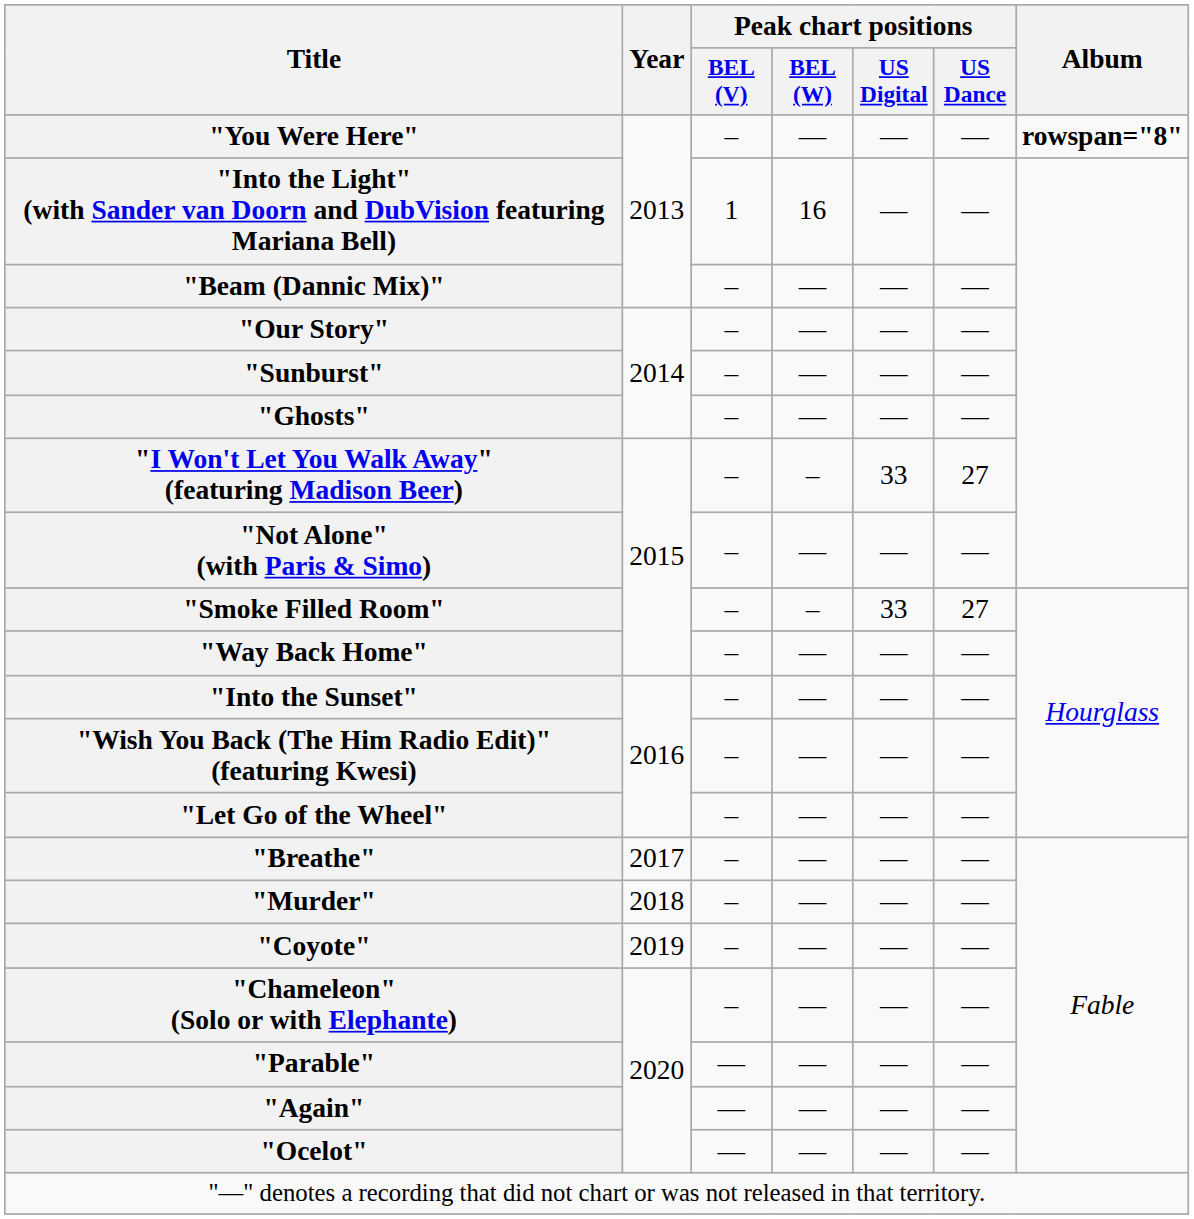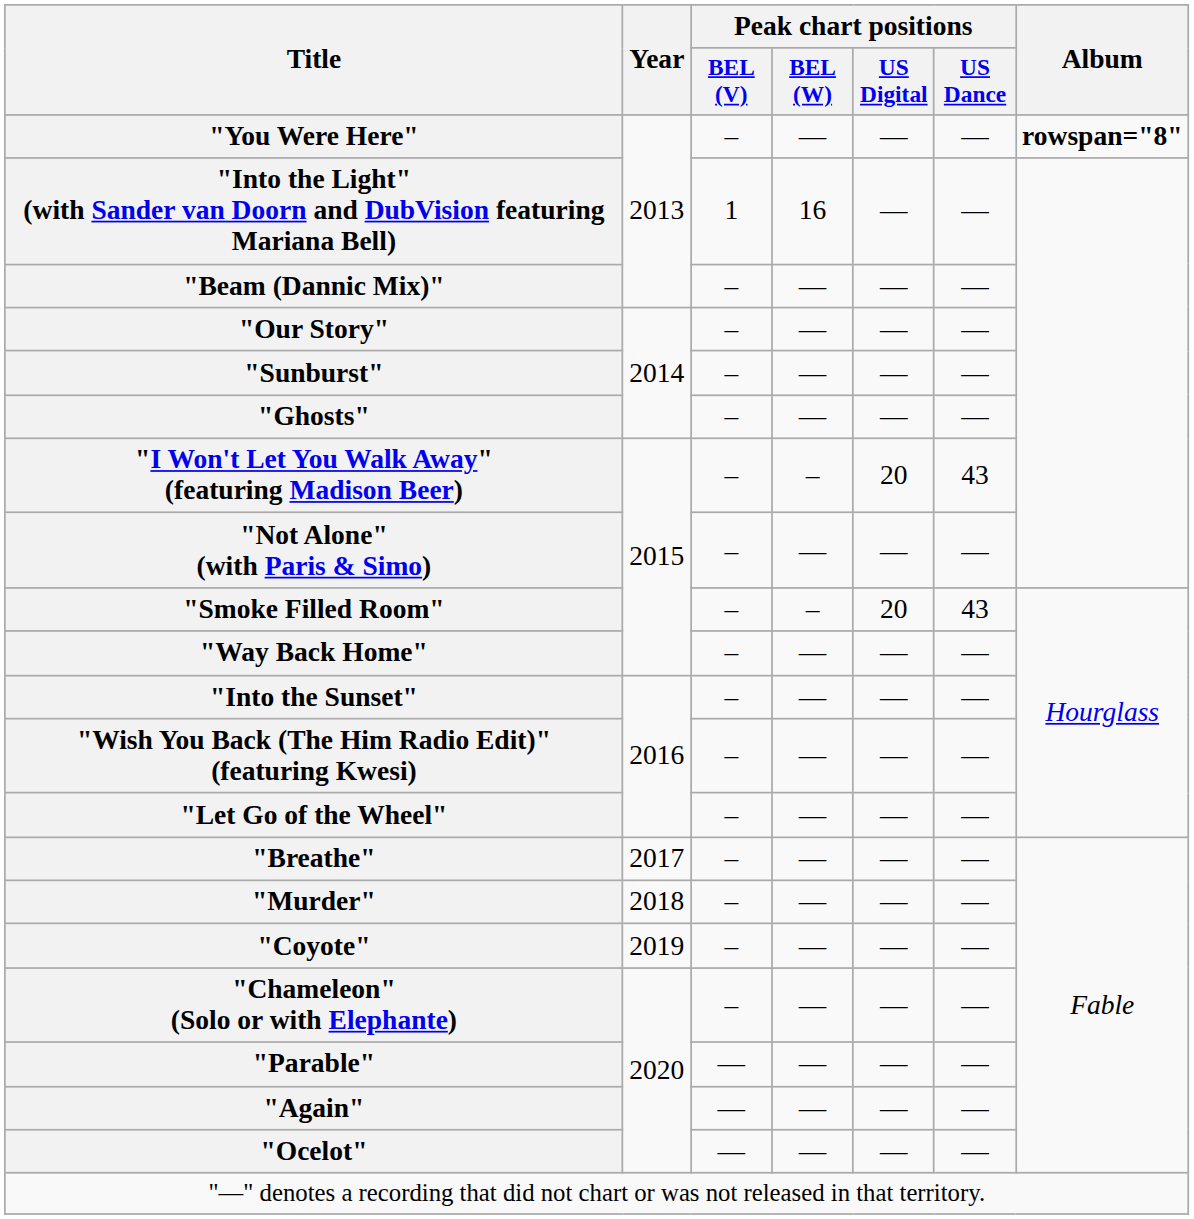 <table class="wikitable plainrowheaders" style="text-align:center;">
 <tr>
 <th scope="col" rowspan="2" style="width:22em;">Title</th>
 <th scope="col" rowspan="2" style="width:1em;">Year</th>
 <th scope="col" colspan="4">Peak chart positions</th>
 <th scope="col" rowspan="2">Album</th>
 </tr>
 <tr>
 <th scope="col" style="width:3em;font-size:85%;"><a href='#'>BEL<br>(V)</a><br></th>
 <th scope="col" style="width:3em;font-size:85%;"><a href='#'>BEL<br>(W)</a><br></th>
 <th scope="col" style="width:3em;font-size:85%;"><a href='#'>US<br>Digital</a><br></th>
 <th scope="col" style="width:3em;font-size:85%;"><a href='#'>US<br>Dance</a><br></th>
 </tr>
 <tr>
 <th scope="row">"You Were Here"</th>
 <td rowspan="3">2013</td>
 <td>–</td>
 <td>—</td>
 <td>—</td>
 <td>—</td>
 <td><strong>rowspan="8" </strong></td>
 </tr>
 <tr>
 <th scope="row">"Into the Light"<br><span>(with <a href='#'>Sander van Doorn</a> and <a href='#'>DubVision</a> featuring Mariana Bell)</span></th>
 <td>1</td>
 <td>16</td>
 <td>—</td>
 <td>—</td>
 </tr>
 <tr>
 <th scope="row">"Beam (Dannic Mix)"</th>
 <td>–</td>
 <td>—</td>
 <td>—</td>
 <td>—</td>
 </tr>
 <tr>
 <th scope="row">"Our Story"</th>
 <td rowspan="3">2014</td>
 <td>–</td>
 <td>—</td>
 <td>—</td>
 <td>—</td>
 </tr>
 <tr>
 <th scope="row">"Sunburst"</th>
 <td>–</td>
 <td>—</td>
 <td>—</td>
 <td>—</td>
 </tr>
 <tr>
 <th scope="row">"Ghosts"</th>
 <td>–</td>
 <td>—</td>
 <td>—</td>
 <td>—</td>
 </tr>
 <tr>
 <th scope="row">"<a href='#'>I Won't Let You Walk Away</a>"<br><span>(featuring <a href='#'>Madison Beer</a>)</span></th>
 <td rowspan="4">2015</td>
 <td>–</td>
 <td>–</td>
-<td>33</td>
-<td>27</td>
+<td>20</td>
+<td>43</td>
 </tr>
 <tr>
 <th scope="row">"Not Alone"<br><span>(with <a href='#'>Paris & Simo</a>)</span></th>
 <td>–</td>
 <td>—</td>
 <td>—</td>
 <td>—</td>
 </tr>
 <tr>
 <th scope="row">"Smoke Filled Room"</th>
 <td>–</td>
 <td>–</td>
-<td>33</td>
-<td>27</td>
+<td>20</td>
+<td>43</td>
 <td rowspan="5"><em><a href='#'>Hourglass</a></em></td>
 </tr>
 <tr>
 <th scope="row">"Way Back Home"</th>
 <td>–</td>
 <td>—</td>
 <td>—</td>
 <td>—</td>
 </tr>
 <tr>
 <th scope="row">"Into the Sunset"</th>
 <td rowspan="3">2016</td>
 <td>–</td>
 <td>—</td>
 <td>—</td>
 <td>—</td>
 </tr>
 <tr>
 <th scope="row">"Wish You Back (The Him Radio Edit)"<br><span>(featuring Kwesi)</span></th>
 <td>–</td>
 <td>—</td>
 <td>—</td>
 <td>—</td>
 </tr>
 <tr>
 <th scope="row">"Let Go of the Wheel"</th>
 <td>–</td>
 <td>—</td>
 <td>—</td>
 <td>—</td>
 </tr>
 <tr>
 <th scope="row">"Breathe"</th>
 <td>2017</td>
 <td>–</td>
 <td>—</td>
 <td>—</td>
 <td>—</td>
 <td rowspan="7"><em>Fable</em></td>
 </tr>
 <tr>
 <th scope="row">"Murder"</th>
 <td>2018</td>
 <td>–</td>
 <td>—</td>
 <td>—</td>
 <td>—</td>
 </tr>
 <tr>
 <th scope="row">"Coyote"</th>
 <td>2019</td>
 <td>–</td>
 <td>—</td>
 <td>—</td>
 <td>—</td>
 </tr>
 <tr>
 <th scope="row">"Chameleon" <br><span>(Solo or with <a href='#'>Elephante</a>)</span></th>
 <td rowspan="4">2020</td>
 <td>–</td>
 <td>—</td>
 <td>—</td>
 <td>—</td>
 </tr>
 <tr>
 <th scope="row">"Parable"</th>
 <td>—</td>
 <td>—</td>
 <td>—</td>
 <td>—</td>
 </tr>
 <tr>
 <th scope="row">"Again"</th>
 <td>—</td>
 <td>—</td>
 <td>—</td>
 <td>—</td>
 </tr>
 <tr>
 <th scope="row">"Ocelot"</th>
 <td>—</td>
 <td>—</td>
 <td>—</td>
 <td>—</td>
 </tr>
 <tr>
 <td colspan="7" style="font-size:90%">"—" denotes a recording that did not chart or was not released in that territory.</td>
 </tr>
 </table>
